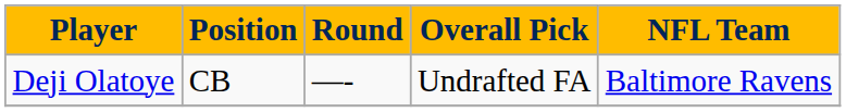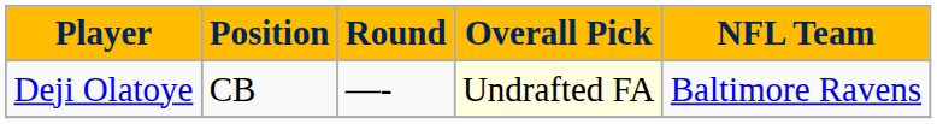 <table class="wikitable" border="1">
 <tr>
 <th style="background: #FFBC00; color: #002659">Player</th>
 <th style="background: #FFBC00; color: #002659">Position</th>
 <th style="background: #FFBC00; color: #002659">Round</th>
 <th style="background: #FFBC00; color: #002659">Overall Pick</th>
 <th style="background: #FFBC00; color: #002659">NFL Team</th>
 </tr>
 <tr>
 <td><a href='#'>Deji Olatoye</a></td>
 <td>CB</td>
 <td>—-</td>
-<td>Undrafted FA</td>
+<td style="background: lightyellow;">Undrafted FA</td>
 <td><a href='#'>Baltimore Ravens</a></td>
 </tr>
 <tr>
 </tr>
 </table>
